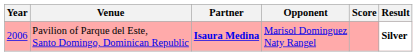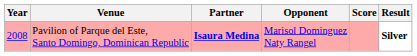 <table class="sortable wikitable" style="font-size: 90%;">
 <tr>
 <th>Year</th>
 <th>Venue</th>
 <th>Partner</th>
 <th>Opponent</th>
 <th>Score</th>
 <th>Result</th>
 </tr>
 <tr style="background:#FFAAAA">
-<td align="center"><a href='#'>2006</a></td>
+<td align="center"><a href='#'>2008</a></td>
 <td align="left">Pavilion of Parque del Este,<br><a href='#'>Santo Domingo, Dominican Republic</a></td>
 <td align="left"><strong> <a href='#'>Isaura Medina</a></strong></td>
 <td align="left"> <a href='#'>Marisol Dominguez</a> <br>  <a href='#'>Naty Rangel</a></td>
 <td align="left"></td>
 <td style="text-align:left; background:white"> <strong>Silver</strong></td>
 </tr>
 </table>
